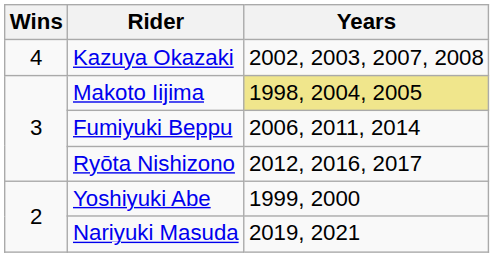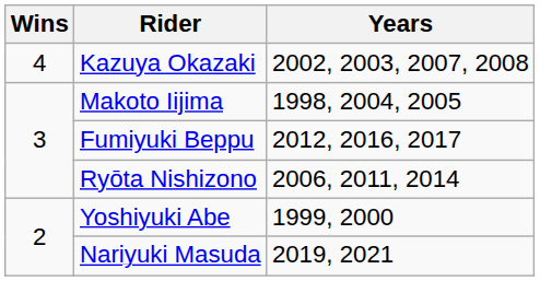 <table class="wikitable">
 <tr>
 <th>Wins</th>
 <th>Rider</th>
 <th>Years</th>
 </tr>
 <tr>
 <td align=center>4</td>
 <td><a href='#'>Kazuya Okazaki</a></td>
 <td>2002, 2003, 2007, 2008</td>
 </tr>
 <tr>
 <td align=center rowspan= 3>3</td>
 <td><a href='#'>Makoto Iijima</a></td>
-<td style="background: khaki;">1998, 2004, 2005</td>
+<td>1998, 2004, 2005</td>
 </tr>
 <tr>
 <td><a href='#'>Fumiyuki Beppu</a></td>
-<td>2006, 2011, 2014</td>
+<td>2012, 2016, 2017</td>
 </tr>
 <tr>
 <td><a href='#'>Ryōta Nishizono</a></td>
-<td>2012, 2016, 2017</td>
+<td>2006, 2011, 2014</td>
 </tr>
 <tr>
 <td align=center rowspan=2>2</td>
 <td><a href='#'>Yoshiyuki Abe</a></td>
 <td>1999, 2000</td>
 </tr>
 <tr>
 <td><a href='#'>Nariyuki Masuda</a></td>
 <td>2019, 2021</td>
 </tr>
 </table>
